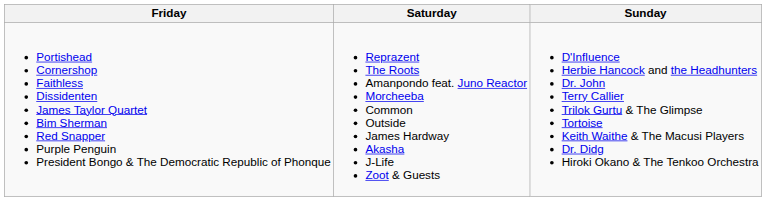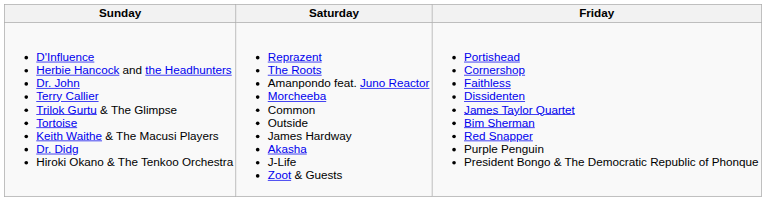 <table class="wikitable">
 <tr>
+<th>Sunday</th>
+<th>Saturday</th>
 <th>Friday</th>
-<th>Saturday</th>
-<th>Sunday</th>
 </tr>
 <tr valign="top">
+<td><br><ul><li><a href='#'>D'Influence</a></li><li><a href='#'>Herbie Hancock</a> and <a href='#'>the Headhunters</a></li><li><a href='#'>Dr. John</a></li><li><a href='#'>Terry Callier</a></li><li><a href='#'>Trilok Gurtu</a> & The Glimpse</li><li><a href='#'>Tortoise</a></li><li><a href='#'>Keith Waithe</a> & The Macusi Players</li><li><a href='#'>Dr. Didg</a></li><li>Hiroki Okano & The Tenkoo Orchestra</li></ul></td>
+<td><br><ul><li><a href='#'>Reprazent</a></li><li><a href='#'>The Roots</a></li><li>Amanpondo feat. <a href='#'>Juno Reactor</a></li><li><a href='#'>Morcheeba</a></li><li>Common</li><li>Outside</li><li>James Hardway</li><li><a href='#'>Akasha</a></li><li>J-Life</li><li><a href='#'>Zoot</a> & Guests</li></ul></td>
 <td><br><ul><li><a href='#'>Portishead</a></li><li><a href='#'>Cornershop</a></li><li><a href='#'>Faithless</a></li><li><a href='#'>Dissidenten</a></li><li><a href='#'>James Taylor Quartet</a></li><li><a href='#'>Bim Sherman</a></li><li><a href='#'>Red Snapper</a></li><li>Purple Penguin</li><li>President Bongo & The Democratic Republic of Phonque</li></ul></td>
-<td><br><ul><li><a href='#'>Reprazent</a></li><li><a href='#'>The Roots</a></li><li>Amanpondo feat. <a href='#'>Juno Reactor</a></li><li><a href='#'>Morcheeba</a></li><li>Common</li><li>Outside</li><li>James Hardway</li><li><a href='#'>Akasha</a></li><li>J-Life</li><li><a href='#'>Zoot</a> & Guests</li></ul></td>
-<td><br><ul><li><a href='#'>D'Influence</a></li><li><a href='#'>Herbie Hancock</a> and <a href='#'>the Headhunters</a></li><li><a href='#'>Dr. John</a></li><li><a href='#'>Terry Callier</a></li><li><a href='#'>Trilok Gurtu</a> & The Glimpse</li><li><a href='#'>Tortoise</a></li><li><a href='#'>Keith Waithe</a> & The Macusi Players</li><li><a href='#'>Dr. Didg</a></li><li>Hiroki Okano & The Tenkoo Orchestra</li></ul></td>
 </tr>
 </table>
